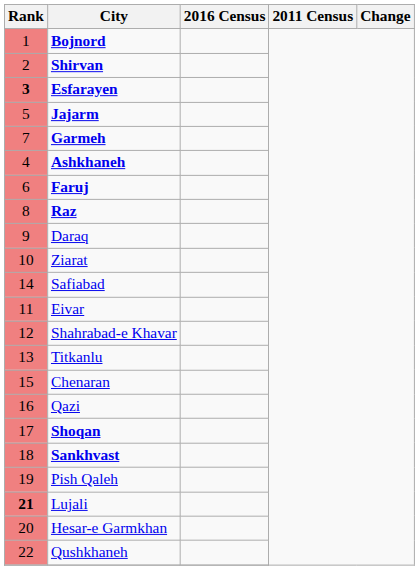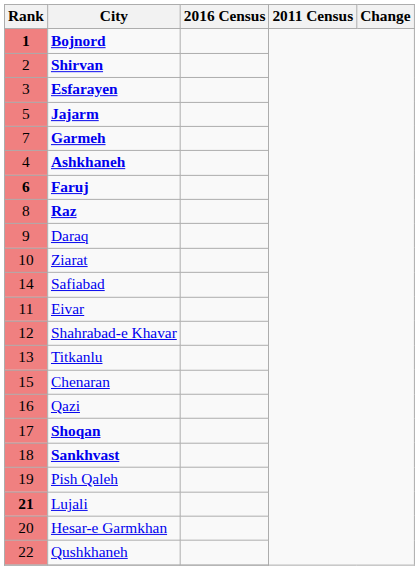 <table class="wikitable sortable">
 <tr>
 <th>Rank</th>
 <th>City</th>
 <th>2016 Census</th>
 <th>2011 Census</th>
 <th>Change</th>
 </tr>
 <tr>
-<td align=center bgcolor="F08080">1</td>
+<td align=center bgcolor="F08080"><strong>1</strong></td>
 <td><strong><a href='#'>Bojnord</a></strong></td>
 <td></td>
 </tr>
 <tr>
 <td align=center bgcolor="F08080">2</td>
 <td><strong><a href='#'>Shirvan</a></strong></td>
 <td></td>
 </tr>
 <tr>
-<td align=center bgcolor="F08080"><strong>3</strong></td>
+<td align=center bgcolor="F08080">3</td>
 <td><strong><a href='#'>Esfarayen</a></strong></td>
 <td></td>
 </tr>
 <tr>
 <td align=center bgcolor="F08080">5</td>
 <td><strong><a href='#'>Jajarm</a></strong></td>
 <td></td>
 </tr>
 <tr>
 <td align=center bgcolor="F08080">7</td>
 <td><strong><a href='#'>Garmeh</a></strong></td>
 <td></td>
 </tr>
 <tr>
 <td align=center bgcolor="F08080">4</td>
 <td><strong><a href='#'>Ashkhaneh</a></strong></td>
 <td></td>
 </tr>
 <tr>
-<td align=center bgcolor="F08080">6</td>
+<td align=center bgcolor="F08080"><strong>6</strong></td>
 <td><strong><a href='#'>Faruj</a></strong></td>
 <td></td>
 </tr>
 <tr>
 <td align=center bgcolor="F08080">8</td>
 <td><strong><a href='#'>Raz</a></strong></td>
 <td></td>
 </tr>
 <tr>
 <td align=center bgcolor="F08080">9</td>
 <td><a href='#'>Daraq</a></td>
 <td></td>
 </tr>
 <tr>
 <td align=center bgcolor="F08080">10</td>
 <td><a href='#'>Ziarat</a></td>
 <td></td>
 </tr>
 <tr>
 <td align=center bgcolor="F08080">14</td>
 <td><a href='#'>Safiabad</a></td>
 <td></td>
 </tr>
 <tr>
 <td align=center bgcolor="F08080">11</td>
 <td><a href='#'>Eivar</a></td>
 <td></td>
 </tr>
 <tr>
 <td align=center bgcolor="F08080">12</td>
 <td><a href='#'>Shahrabad-e Khavar</a></td>
 <td></td>
 </tr>
 <tr>
 <td align=center bgcolor="F08080">13</td>
 <td><a href='#'>Titkanlu</a></td>
 <td></td>
 </tr>
 <tr>
 <td align=center bgcolor="F08080">15</td>
 <td><a href='#'>Chenaran</a></td>
 <td></td>
 </tr>
 <tr>
 <td align=center bgcolor="F08080">16</td>
 <td><a href='#'>Qazi</a></td>
 <td></td>
 </tr>
 <tr>
 <td align=center bgcolor="F08080">17</td>
 <td><strong><a href='#'>Shoqan</a></strong></td>
 <td></td>
 </tr>
 <tr>
 <td align=center bgcolor="F08080">18</td>
 <td><strong><a href='#'>Sankhvast</a></strong></td>
 <td></td>
 </tr>
 <tr>
 <td align=center bgcolor="F08080">19</td>
 <td><a href='#'>Pish Qaleh</a></td>
 <td></td>
 </tr>
 <tr>
 <td align=center bgcolor="F08080"><strong>21</strong></td>
 <td><a href='#'>Lujali</a></td>
 <td></td>
 </tr>
 <tr>
 <td align=center bgcolor="F08080">20</td>
 <td><a href='#'>Hesar-e Garmkhan</a></td>
 <td></td>
 </tr>
 <tr>
 <td align=center bgcolor="F08080">22</td>
 <td><a href='#'>Qushkhaneh</a></td>
 <td></td>
 </tr>
 <tr>
 </tr>
 </table>
